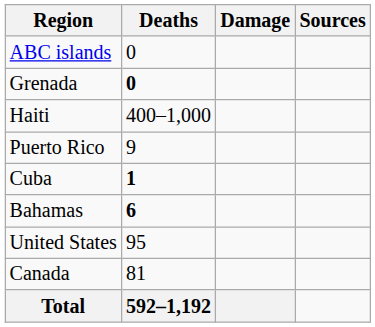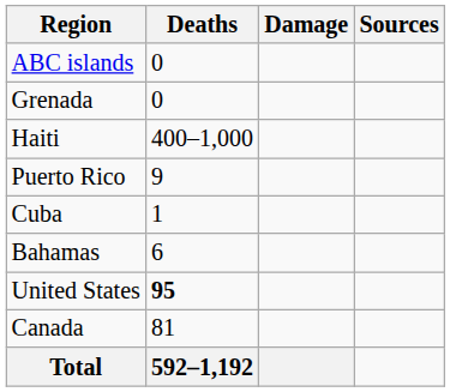 <table class="wikitable" style="float:right;margin:0 0 0.5em 1em">
 <tr>
 <th>Region</th>
 <th>Deaths</th>
 <th>Damage</th>
 <th>Sources</th>
 </tr>
 <tr>
 <td><a href='#'>ABC islands</a></td>
 <td>0</td>
 <td></td>
 <td></td>
 </tr>
 <tr>
 <td>Grenada</td>
-<td><strong>0</strong></td>
+<td>0</td>
 <td></td>
 <td></td>
 </tr>
 <tr>
 <td>Haiti</td>
 <td>400–1,000</td>
 <td></td>
 <td></td>
 </tr>
 <tr>
 <td>Puerto Rico</td>
 <td>9</td>
 <td></td>
 <td></td>
 </tr>
 <tr>
 <td>Cuba</td>
-<td><strong>1</strong></td>
+<td>1</td>
 <td></td>
 <td></td>
 </tr>
 <tr>
 <td>Bahamas</td>
-<td><strong>6</strong></td>
+<td>6</td>
 <td></td>
 <td></td>
 </tr>
 <tr>
 <td>United States</td>
-<td>95</td>
+<td><strong>95</strong></td>
 <td></td>
 <td></td>
 </tr>
 <tr>
 <td>Canada</td>
 <td>81</td>
 <td></td>
 <td></td>
 </tr>
 <tr>
 <th>Total</th>
 <th>592–1,192</th>
 <th></th>
 </tr>
 </table>
